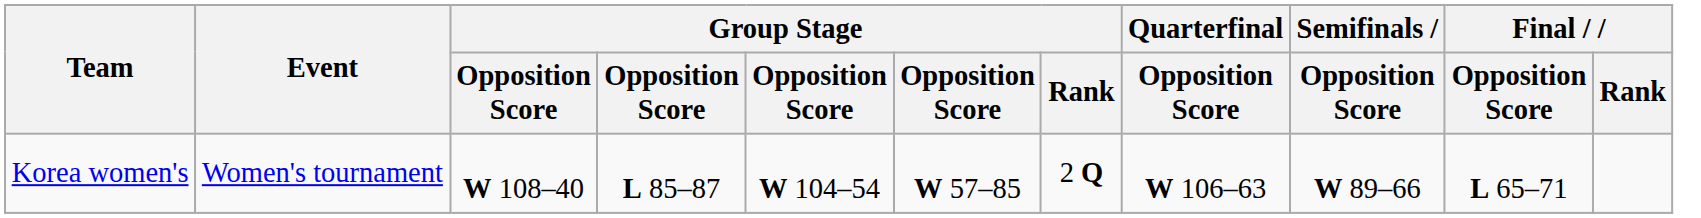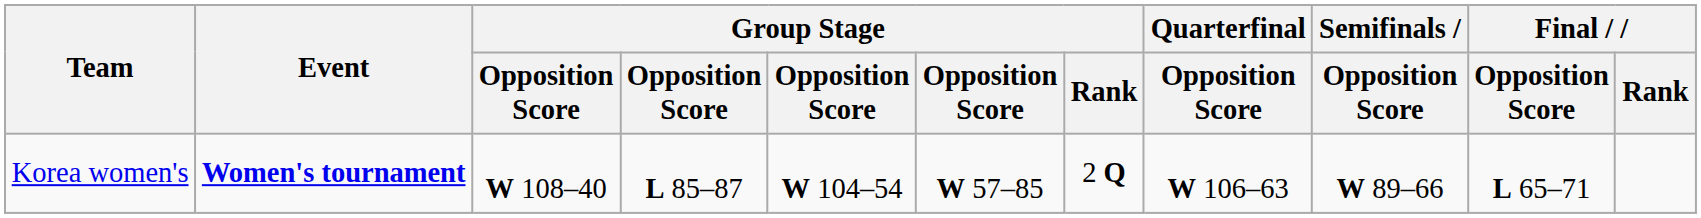 <table class=wikitable style=font-size:90%;text-align:center>
 <tr>
 <th rowspan=2>Team</th>
 <th rowspan=2>Event</th>
 <th colspan=5>Group Stage</th>
 <th>Quarterfinal</th>
 <th>Semifinals / </th>
 <th colspan=2>Final /  / </th>
 </tr>
 <tr>
 <th>Opposition<br>Score</th>
 <th>Opposition<br>Score</th>
 <th>Opposition<br>Score</th>
 <th>Opposition<br>Score</th>
 <th>Rank</th>
 <th>Opposition<br>Score</th>
 <th>Opposition<br>Score</th>
 <th>Opposition<br>Score</th>
 <th>Rank</th>
 </tr>
 <tr>
 <td align=left><a href='#'>Korea women's</a></td>
-<td align=left><a href='#'>Women's tournament</a></td>
+<td align=left><strong><a href='#'>Women's tournament</a></strong></td>
 <td><br><strong>W</strong> 108–40</td>
 <td><br><strong>L</strong> 85–87</td>
 <td><br><strong>W</strong> 104–54</td>
 <td><br><strong>W</strong> 57–85</td>
 <td>2 <strong>Q</strong></td>
 <td><br><strong>W</strong> 106–63</td>
 <td><br><strong>W</strong> 89–66</td>
 <td><br><strong>L</strong> 65–71</td>
 <td></td>
 </tr>
 </table>
